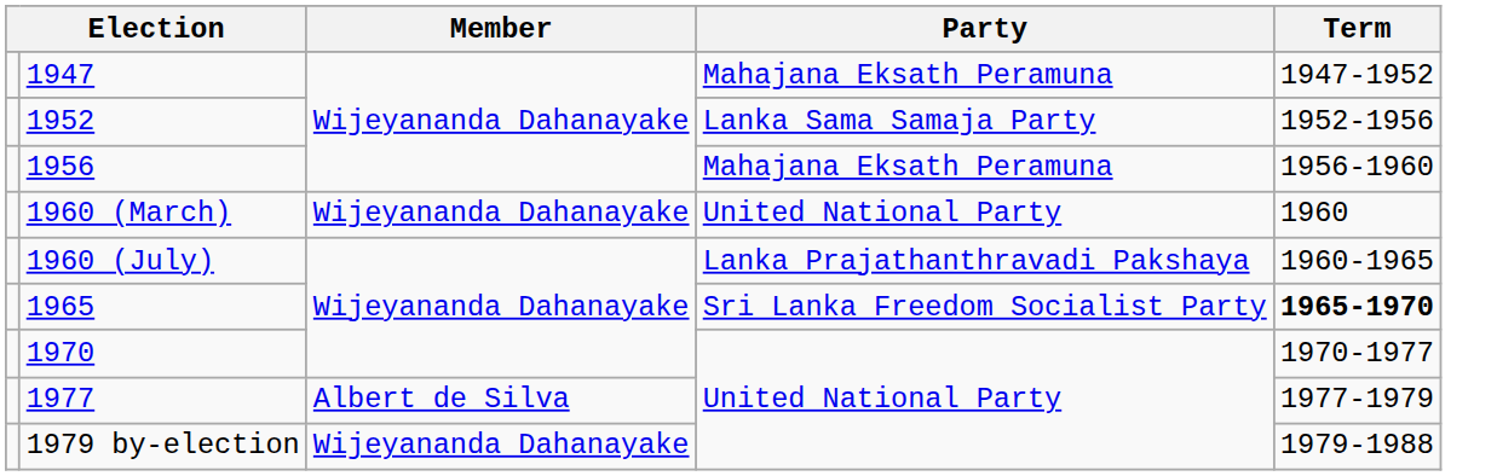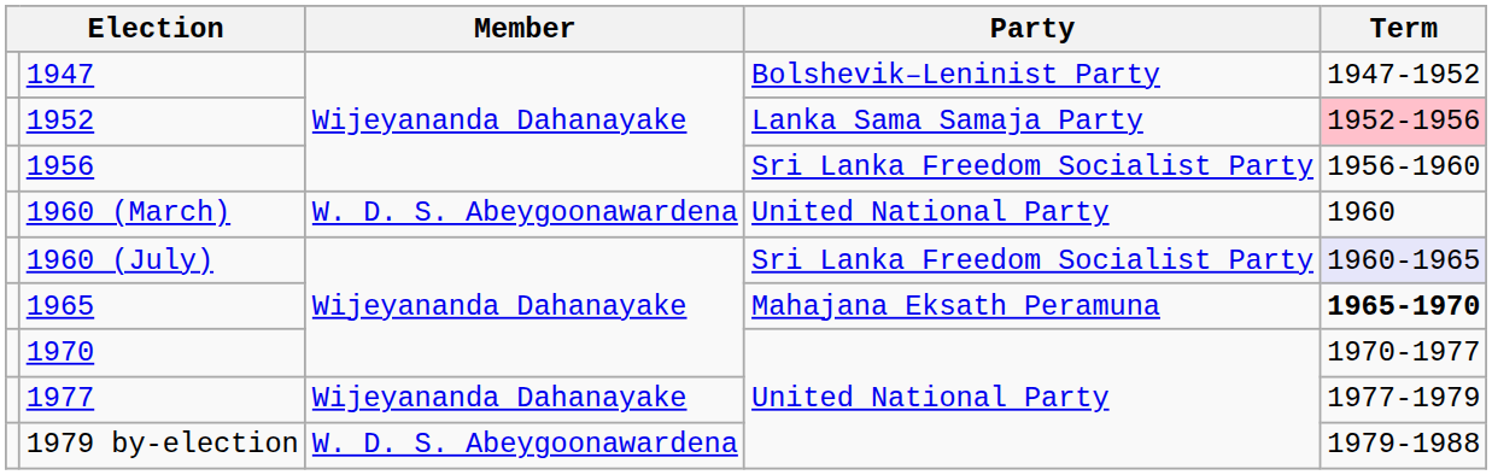 <table class="wikitable">
 <tr>
 <th colspan="2">Election</th>
 <th>Member</th>
 <th>Party</th>
 <th>Term</th>
 </tr>
 <tr>
 <td style="background-color: "></td>
 <td><a href='#'>1947</a></td>
 <td rowspan=3><a href='#'>Wijeyananda Dahanayake</a></td>
-<td><a href='#'>Mahajana Eksath Peramuna</a></td>
+<td><a href='#'>Bolshevik–Leninist Party</a></td>
 <td>1947-1952</td>
 </tr>
 <tr>
 <td style="background-color: "></td>
 <td><a href='#'>1952</a></td>
 <td><a href='#'>Lanka Sama Samaja Party</a></td>
-<td>1952-1956</td>
+<td style="background: pink;">1952-1956</td>
 </tr>
 <tr>
 <td style="background-color: "></td>
 <td><a href='#'>1956</a></td>
-<td><a href='#'>Mahajana Eksath Peramuna</a></td>
+<td><a href='#'>Sri Lanka Freedom Socialist Party</a></td>
 <td>1956-1960</td>
 </tr>
 <tr>
 <td style="background-color: "></td>
 <td><a href='#'>1960 (March)</a></td>
-<td><a href='#'>Wijeyananda Dahanayake</a></td>
+<td><a href='#'>W. D. S. Abeygoonawardena</a></td>
 <td><a href='#'>United National Party</a></td>
 <td>1960</td>
 </tr>
 <tr>
 <td style="background-color: "></td>
 <td><a href='#'>1960 (July)</a></td>
 <td rowspan=3><a href='#'>Wijeyananda Dahanayake</a></td>
-<td><a href='#'>Lanka Prajathanthravadi Pakshaya</a></td>
-<td>1960-1965</td>
+<td><a href='#'>Sri Lanka Freedom Socialist Party</a></td>
+<td style="background: lavender;">1960-1965</td>
 </tr>
 <tr>
 <td style="background-color: "></td>
 <td><a href='#'>1965</a></td>
-<td><a href='#'>Sri Lanka Freedom Socialist Party</a></td>
+<td><a href='#'>Mahajana Eksath Peramuna</a></td>
 <td><strong>1965-1970</strong></td>
 </tr>
 <tr>
 <td style="background-color: "></td>
 <td><a href='#'>1970</a></td>
 <td rowspan=3><a href='#'>United National Party</a></td>
 <td>1970-1977</td>
 </tr>
 <tr>
 <td style="background-color: "></td>
 <td><a href='#'>1977</a></td>
-<td><a href='#'>Albert de Silva</a></td>
+<td><a href='#'>Wijeyananda Dahanayake</a></td>
 <td>1977-1979</td>
 </tr>
 <tr>
 <td style="background-color: "></td>
 <td>1979 by-election</td>
-<td><a href='#'>Wijeyananda Dahanayake</a></td>
+<td><a href='#'>W. D. S. Abeygoonawardena</a></td>
 <td>1979-1988</td>
 </tr>
 </table>
